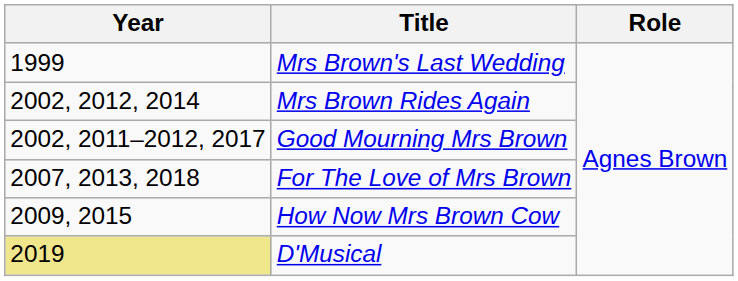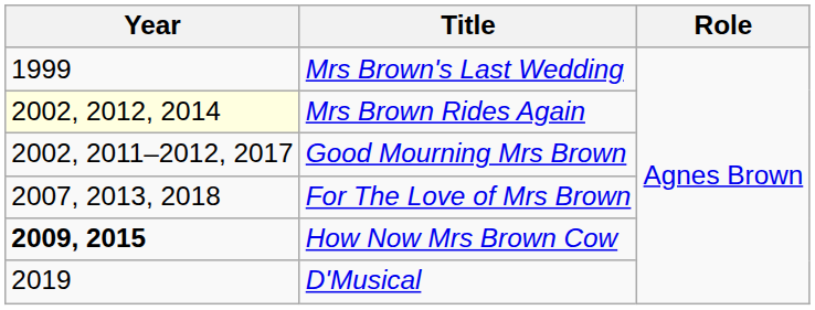 <table class="wikitable sortable">
 <tr>
 <th>Year</th>
 <th>Title</th>
 <th>Role</th>
 </tr>
 <tr>
 <td>1999</td>
 <td><em><a href='#'>Mrs Brown's Last Wedding</a></em></td>
 <td rowspan="6"><a href='#'>Agnes Brown</a></td>
 </tr>
 <tr>
-<td>2002, 2012, 2014</td>
+<td style="background: lightyellow;">2002, 2012, 2014</td>
 <td><em><a href='#'>Mrs Brown Rides Again</a></em></td>
 </tr>
 <tr>
 <td>2002, 2011–2012, 2017</td>
 <td><em><a href='#'>Good Mourning Mrs Brown</a></em></td>
 </tr>
 <tr>
 <td>2007, 2013, 2018</td>
 <td><em><a href='#'>For The Love of Mrs Brown</a></em></td>
 </tr>
 <tr>
-<td>2009, 2015</td>
+<td><strong>2009, 2015</strong></td>
 <td><em><a href='#'>How Now Mrs Brown Cow</a></em></td>
 </tr>
 <tr>
-<td style="background: khaki;">2019</td>
+<td>2019</td>
 <td><em><a href='#'>D'Musical</a></em></td>
 </tr>
 </table>
